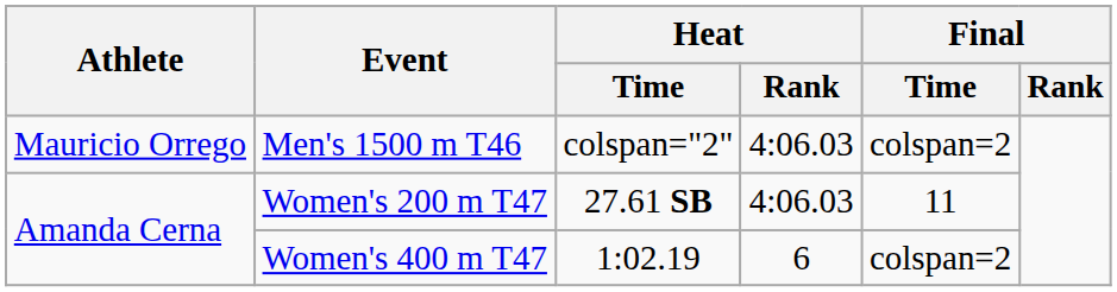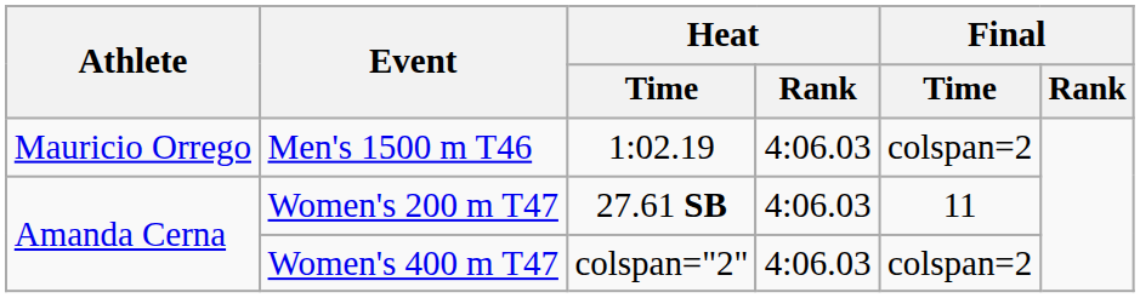 <table class=wikitable style="font-size:90%">
 <tr>
 <th rowspan="2">Athlete</th>
 <th rowspan="2">Event</th>
 <th colspan="2">Heat</th>
 <th colspan="2">Final</th>
 </tr>
 <tr style="font-size:95%">
 <th>Time</th>
 <th>Rank</th>
 <th>Time</th>
 <th>Rank</th>
 </tr>
 <tr align=center>
 <td align=left><a href='#'>Mauricio Orrego</a></td>
 <td align=left><a href='#'>Men's 1500 m T46</a></td>
-<td>colspan="2" </td>
+<td>1:02.19</td>
 <td>4:06.03</td>
 <td>colspan=2  </td>
 </tr>
 <tr align=center>
 <td rowspan=2 align=left><a href='#'>Amanda Cerna</a></td>
 <td align=left><a href='#'>Women's 200 m T47</a></td>
 <td>27.61 <strong>SB</strong></td>
 <td>4:06.03</td>
 <td>11</td>
 </tr>
 <tr align=center>
 <td align=left><a href='#'>Women's 400 m T47</a></td>
-<td>1:02.19</td>
-<td>6</td>
+<td>colspan="2" </td>
+<td>4:06.03</td>
 <td>colspan=2  </td>
 </tr>
 </table>
